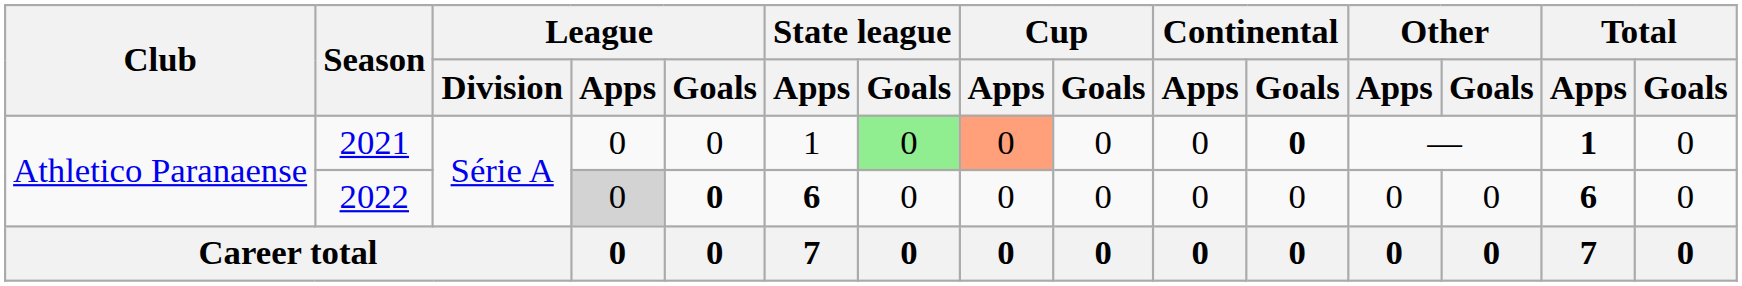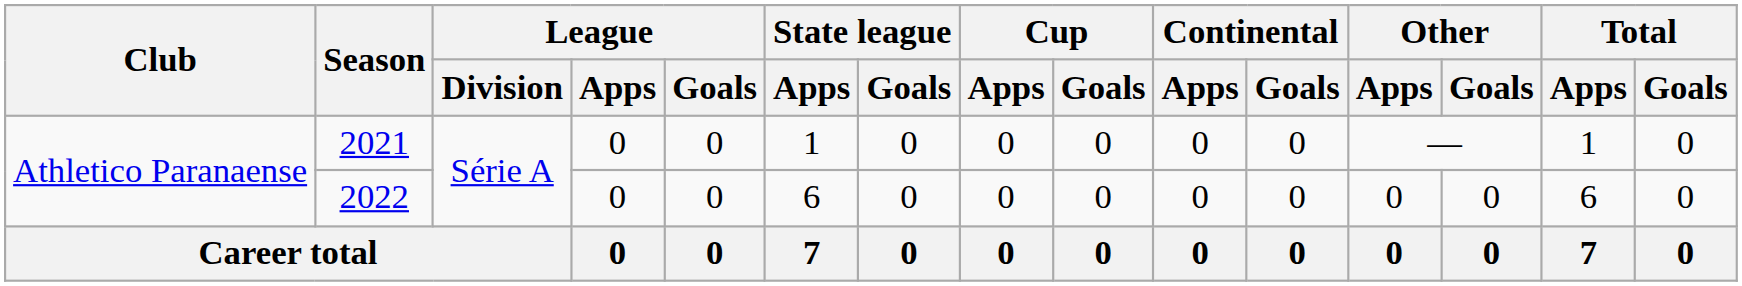 <table class="wikitable" style="text-align: center">
 <tr>
 <th rowspan="2">Club</th>
 <th rowspan="2">Season</th>
 <th colspan="3">League</th>
 <th colspan="2">State league</th>
 <th colspan="2">Cup</th>
 <th colspan="2">Continental</th>
 <th colspan="2">Other</th>
 <th colspan="2">Total</th>
 </tr>
 <tr>
 <th>Division</th>
 <th>Apps</th>
 <th>Goals</th>
 <th>Apps</th>
 <th>Goals</th>
 <th>Apps</th>
 <th>Goals</th>
 <th>Apps</th>
 <th>Goals</th>
 <th>Apps</th>
 <th>Goals</th>
 <th>Apps</th>
 <th>Goals</th>
 </tr>
 <tr>
 <td rowspan="2"><a href='#'>Athletico Paranaense</a></td>
 <td><a href='#'>2021</a></td>
 <td rowspan="2"><a href='#'>Série A</a></td>
 <td>0</td>
 <td>0</td>
 <td>1</td>
-<td style="background: lightgreen;">0</td>
-<td style="background: lightsalmon;">0</td>
 <td>0</td>
 <td>0</td>
-<td><strong>0</strong></td>
+<td>0</td>
+<td>0</td>
+<td>0</td>
 <td colspan="2">—</td>
-<td><strong>1</strong></td>
+<td>1</td>
 <td>0</td>
 </tr>
 <tr>
 <td><a href='#'>2022</a></td>
-<td style="background: lightgrey;">0</td>
-<td><strong>0</strong></td>
-<td><strong>6</strong></td>
+<td>0</td>
+<td>0</td>
+<td>6</td>
 <td>0</td>
 <td>0</td>
 <td>0</td>
 <td>0</td>
 <td>0</td>
 <td>0</td>
 <td>0</td>
-<td><strong>6</strong></td>
+<td>6</td>
 <td>0</td>
 </tr>
 <tr>
 <th colspan="3"><strong>Career total</strong></th>
 <th>0</th>
 <th>0</th>
 <th>7</th>
 <th>0</th>
 <th>0</th>
 <th>0</th>
 <th>0</th>
 <th>0</th>
 <th>0</th>
 <th>0</th>
 <th>7</th>
 <th>0</th>
 </tr>
 </table>
